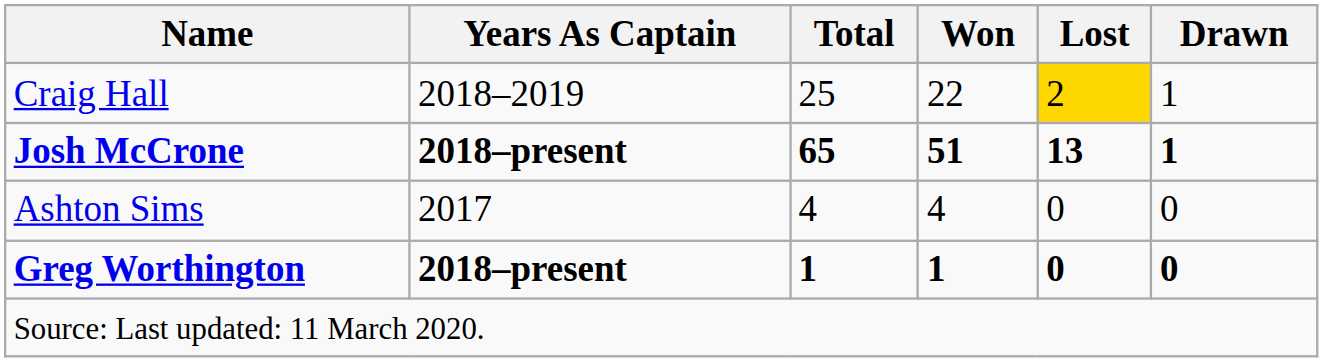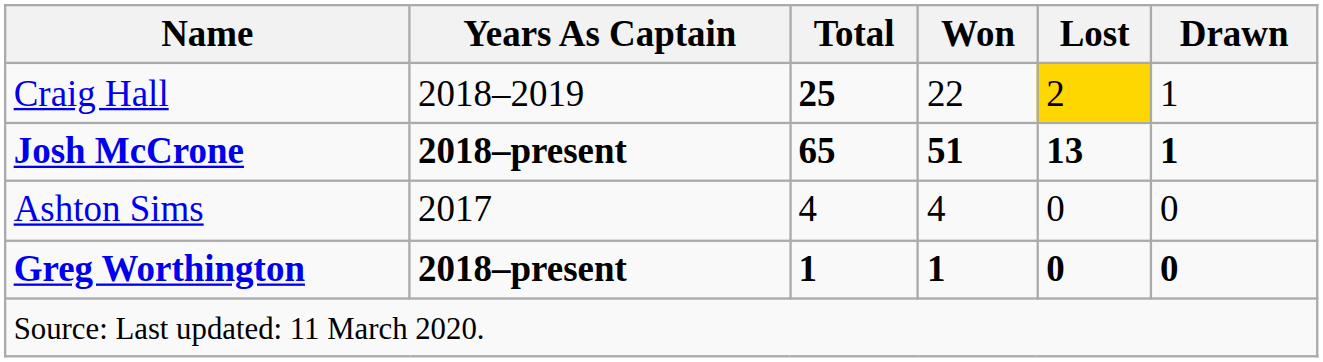 <table class="wikitable"  style="width:45%;">
 <tr>
 <th>Name</th>
 <th>Years As Captain</th>
 <th>Total</th>
 <th>Won</th>
 <th>Lost</th>
 <th>Drawn</th>
 </tr>
 <tr>
 <td> <a href='#'>Craig Hall</a></td>
 <td>2018–2019</td>
-<td>25</td>
+<td><strong>25</strong></td>
 <td>22</td>
 <td style="background: gold;">2</td>
 <td>1</td>
 </tr>
 <tr>
 <td> <strong><a href='#'>Josh McCrone</a></strong></td>
 <td><strong>2018–present</strong></td>
 <td><strong>65</strong></td>
 <td><strong>51</strong></td>
 <td><strong>13</strong></td>
 <td><strong>1</strong></td>
 </tr>
 <tr>
 <td> <a href='#'>Ashton Sims</a></td>
 <td>2017</td>
 <td>4</td>
 <td>4</td>
 <td>0</td>
 <td>0</td>
 </tr>
 <tr>
 <td> <strong><a href='#'>Greg Worthington</a></strong></td>
 <td><strong>2018–present</strong></td>
 <td><strong>1</strong></td>
 <td><strong>1</strong></td>
 <td><strong>0</strong></td>
 <td><strong>0</strong></td>
 </tr>
 <tr>
 <td colspan=6><small>Source: Last updated: 11 March 2020.</small></td>
 </tr>
 </table>
